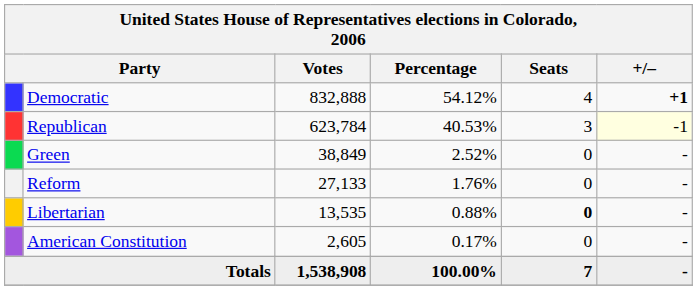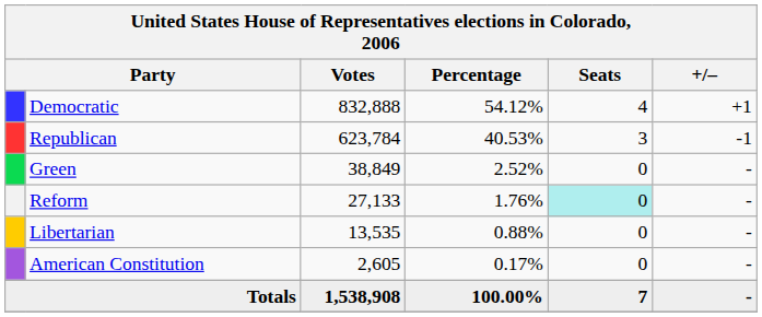 <table class="wikitable" style="font-size: 95%;">
 <tr>
 <th colspan="6">United States House of Representatives elections in Colorado,<br>2006</th>
 </tr>
 <tr>
 <th colspan=2 style="width: 15em">Party</th>
 <th style="width: 5em">Votes</th>
 <th style="width: 7em">Percentage</th>
 <th style="width: 5em">Seats</th>
 <th style="width: 5em">+/–</th>
 </tr>
 <tr>
 <th style="background-color:#3333FF; width: 3px"></th>
 <td style="width: 130px"><a href='#'>Democratic</a></td>
 <td align="right">832,888</td>
 <td align="right">54.12%</td>
 <td align="right">4</td>
-<td align="right"><strong>+1</strong></td>
+<td align="right">+1</td>
 </tr>
 <tr>
 <th style="background-color:#FF3333; width: 3px"></th>
 <td style="width: 130px"><a href='#'>Republican</a></td>
 <td align="right">623,784</td>
 <td align="right">40.53%</td>
 <td align="right">3</td>
-<td align="right" style="background: lightyellow;">-1</td>
+<td align="right">-1</td>
 </tr>
 <tr>
 <th style="background-color:#0BDA51; width: 3px"></th>
 <td style="width: 130px"><a href='#'>Green</a></td>
 <td align="right">38,849</td>
 <td align="right">2.52%</td>
 <td align="right">0</td>
 <td align="right">-</td>
 </tr>
 <tr>
 <th style="background-color:#; width: 3px"></th>
 <td style="width: 130px"><a href='#'>Reform</a></td>
 <td align="right">27,133</td>
 <td align="right">1.76%</td>
-<td align="right">0</td>
+<td align="right" style="background: paleturquoise;">0</td>
 <td align="right">-</td>
 </tr>
 <tr>
 <th style="background-color:#FFCC00; width: 3px"></th>
 <td style="width: 130px"><a href='#'>Libertarian</a></td>
 <td align="right">13,535</td>
 <td align="right">0.88%</td>
-<td align="right"><strong>0</strong></td>
+<td align="right">0</td>
 <td align="right">-</td>
 </tr>
 <tr>
 <th style="background-color:#A356DE; width: 3px"></th>
 <td style="width: 130px"><a href='#'>American Constitution</a></td>
 <td align="right">2,605</td>
 <td align="right">0.17%</td>
 <td align="right">0</td>
 <td align="right">-</td>
 </tr>
 <tr>
 </tr>
 <tr bgcolor="#EEEEEE">
 <td colspan="2" align="right"><strong>Totals</strong></td>
 <td align="right"><strong>1,538,908</strong></td>
 <td align="right"><strong>100.00%</strong></td>
 <td align="right"><strong>7</strong></td>
 <td align="right"><strong>-</strong></td>
 </tr>
 <tr bgcolor="#EEEEEE">
 </tr>
 </table>
